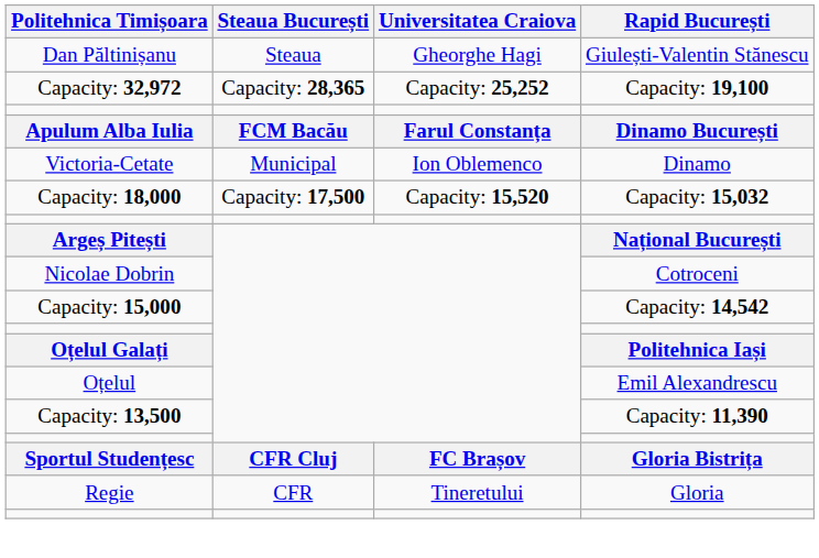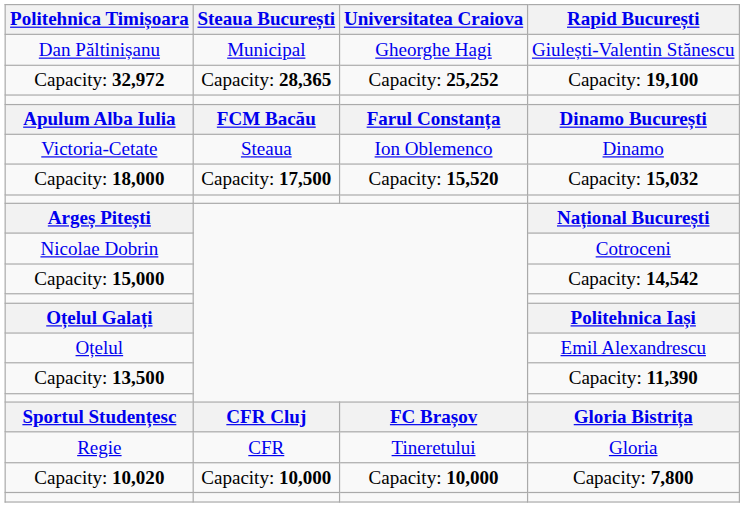 <table class="wikitable" style="text-align:center;margin:0.5em auto;">
 <tr>
 <th><a href='#'>Politehnica Timișoara</a></th>
 <th><a href='#'>Steaua București</a></th>
 <th><a href='#'>Universitatea Craiova</a></th>
 <th><a href='#'>Rapid București</a></th>
 </tr>
 <tr>
 <td><a href='#'>Dan Păltinișanu</a></td>
-<td><a href='#'>Steaua</a></td>
+<td><a href='#'>Municipal</a></td>
 <td><a href='#'>Gheorghe Hagi</a></td>
 <td><a href='#'>Giulești-Valentin Stănescu</a></td>
 </tr>
 <tr>
 <td>Capacity: <strong>32,972</strong></td>
 <td>Capacity: <strong>28,365</strong></td>
 <td>Capacity: <strong>25,252</strong></td>
 <td>Capacity: <strong>19,100</strong></td>
 </tr>
 <tr>
 <td></td>
 <td></td>
 <td></td>
 <td></td>
 </tr>
 <tr>
 <th><a href='#'>Apulum Alba Iulia</a></th>
 <th><a href='#'>FCM Bacău</a></th>
 <th><a href='#'>Farul Constanța</a></th>
 <th><a href='#'>Dinamo București</a></th>
 </tr>
 <tr>
 <td><a href='#'>Victoria-Cetate</a></td>
-<td><a href='#'>Municipal</a></td>
+<td><a href='#'>Steaua</a></td>
 <td><a href='#'>Ion Oblemenco</a></td>
 <td><a href='#'>Dinamo</a></td>
 </tr>
 <tr>
 <td>Capacity: <strong>18,000</strong></td>
 <td>Capacity: <strong>17,500</strong></td>
 <td>Capacity: <strong>15,520</strong></td>
 <td>Capacity: <strong>15,032</strong></td>
 </tr>
 <tr>
 <td></td>
 <td></td>
 <td></td>
 <td></td>
 </tr>
 <tr>
 <th><a href='#'>Argeș Pitești</a></th>
 <td colspan="2" rowspan="8"><br> </td>
 <th><a href='#'>Național București</a></th>
 </tr>
 <tr>
 <td><a href='#'>Nicolae Dobrin</a></td>
 <td><a href='#'>Cotroceni</a></td>
 </tr>
 <tr>
 <td>Capacity: <strong>15,000</strong></td>
 <td>Capacity: <strong>14,542</strong></td>
 </tr>
 <tr>
 <td></td>
 <td></td>
 </tr>
 <tr>
 <th><a href='#'>Oțelul Galați</a></th>
 <th><a href='#'>Politehnica Iași</a></th>
 </tr>
 <tr>
 <td><a href='#'>Oțelul</a></td>
 <td><a href='#'>Emil Alexandrescu</a></td>
 </tr>
 <tr>
 <td>Capacity: <strong>13,500</strong></td>
 <td>Capacity: <strong>11,390</strong></td>
 </tr>
 <tr>
 <td></td>
 <td></td>
 </tr>
 <tr>
 <th><a href='#'>Sportul Studențesc</a></th>
 <th><a href='#'>CFR Cluj</a></th>
 <th><a href='#'>FC Brașov</a></th>
 <th><a href='#'>Gloria Bistrița</a></th>
 </tr>
 <tr>
 <td><a href='#'>Regie</a></td>
 <td><a href='#'>CFR</a></td>
 <td><a href='#'>Tineretului</a></td>
 <td><a href='#'>Gloria</a></td>
 </tr>
 <tr>
+<td>Capacity: <strong>10,020</strong></td>
+<td>Capacity: <strong>10,000</strong></td>
+<td>Capacity: <strong>10,000</strong></td>
+<td>Capacity: <strong>7,800</strong></td>
+</tr>
+<tr>
 <td></td>
 <td></td>
 <td></td>
 <td></td>
 </tr>
 </table>
